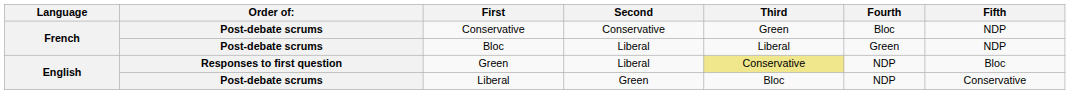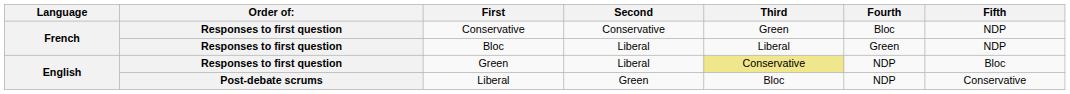 <table class="wikitable" style="text-align:center" width="100%">
 <tr>
 <th>Language</th>
 <th>Order of:</th>
 <th>First</th>
 <th>Second</th>
 <th>Third</th>
 <th>Fourth</th>
 <th>Fifth</th>
 </tr>
 <tr>
 <th rowspan="2">French</th>
-<th>Post-debate scrums</th>
+<th>Responses to first question</th>
 <td>Conservative</td>
 <td>Conservative</td>
 <td>Green</td>
 <td>Bloc</td>
 <td>NDP</td>
 </tr>
 <tr>
-<th>Post-debate scrums</th>
+<th>Responses to first question</th>
 <td>Bloc</td>
 <td>Liberal</td>
 <td>Liberal</td>
 <td>Green</td>
 <td>NDP</td>
 </tr>
 <tr>
 <th rowspan="2">English</th>
 <th>Responses to first question</th>
 <td>Green</td>
 <td>Liberal</td>
 <td style="background: khaki;">Conservative</td>
 <td>NDP</td>
 <td>Bloc</td>
 </tr>
 <tr>
 <th>Post-debate scrums</th>
 <td>Liberal</td>
 <td>Green</td>
 <td>Bloc</td>
 <td>NDP</td>
 <td>Conservative</td>
 </tr>
 </table>
